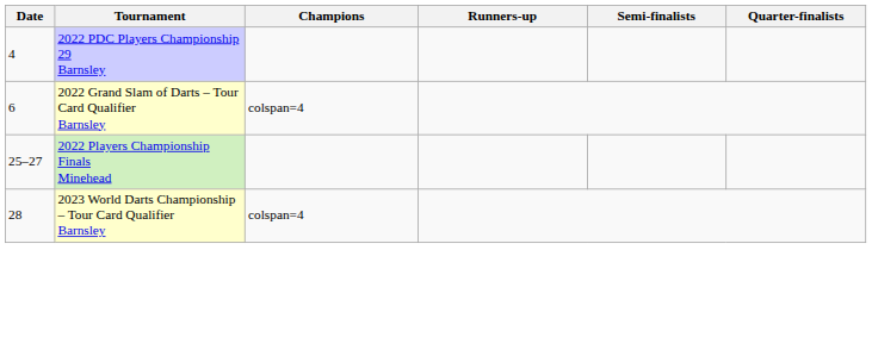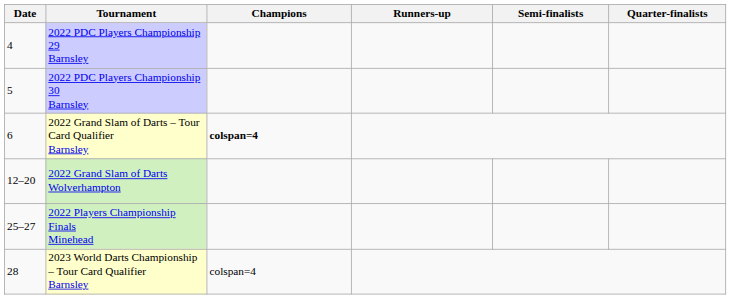 <table class=wikitable style=font-size:85%>
 <tr>
 <th width=50>Date</th>
 <th width=230>Tournament</th>
 <th width=210>Champions</th>
 <th width=210>Runners-up</th>
 <th width=170>Semi-finalists</th>
 <th width=170>Quarter-finalists</th>
 </tr>
 <tr>
 <td>4</td>
 <td bgcolor="#ccccff"><a href='#'>2022 PDC Players Championship 29</a> <br>  <a href='#'>Barnsley</a></td>
 <td></td>
 <td></td>
 <td> <br> </td>
 <td> <br>  <br>  <br> </td>
 </tr>
 <tr>
+<td>5</td>
+<td bgcolor="#ccccff"><a href='#'>2022 PDC Players Championship 30</a> <br>  <a href='#'>Barnsley</a></td>
+<td></td>
+<td></td>
+<td> <br> </td>
+<td> <br>  <br>  <br> </td>
+</tr>
+<tr>
 <td>6</td>
 <td bgcolor="ffffcc">2022 Grand Slam of Darts – Tour Card Qualifier <br> <a href='#'>Barnsley</a></td>
-<td>colspan=4 </td>
+<td><strong>colspan=4 </strong></td>
+</tr>
+<tr>
+<td>12–20</td>
+<td bgcolor="#d0f0c0"><a href='#'>2022 Grand Slam of Darts</a> <br>  <a href='#'>Wolverhampton</a></td>
+<td></td>
+<td></td>
+<td> <br> </td>
+<td> <br>  <br>  <br> </td>
 </tr>
 <tr>
 <td>25–27</td>
 <td bgcolor="#d0f0c0"><a href='#'>2022 Players Championship Finals</a> <br>  <a href='#'>Minehead</a></td>
 <td></td>
 <td></td>
 <td> <br> </td>
 <td> <br>  <br>  <br> </td>
 </tr>
 <tr>
 <td>28</td>
 <td bgcolor="ffffcc">2023 World Darts Championship – Tour Card Qualifier <br> <a href='#'>Barnsley</a></td>
 <td>colspan=4 </td>
 </tr>
 </table>
